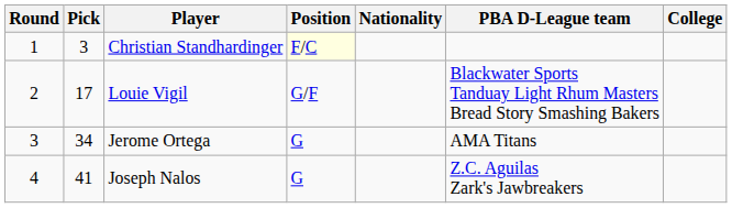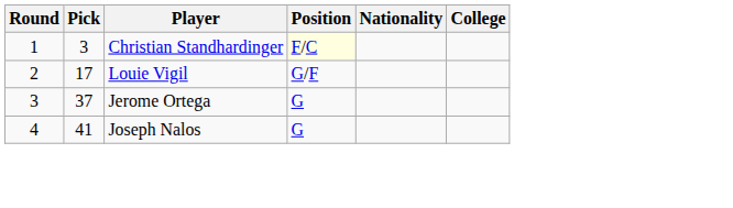 <table class="wikitable sortable sortable">
 <tr>
 <th>Round</th>
 <th>Pick</th>
 <th>Player</th>
 <th>Position</th>
 <th>Nationality</th>
-<th>PBA D-League team</th>
 <th>College</th>
 </tr>
 <tr>
 <td align=center>1</td>
 <td align=center>3</td>
 <td><a href='#'>Christian Standhardinger</a></td>
 <td style="background: lightyellow;"><a href='#'>F</a>/<a href='#'>C</a></td>
 <td></td>
 <td></td>
-<td></td>
 </tr>
 <tr>
 <td align=center>2</td>
 <td align=center>17</td>
 <td><a href='#'>Louie Vigil</a></td>
 <td><a href='#'>G</a>/<a href='#'>F</a></td>
 <td></td>
-<td><a href='#'>Blackwater Sports</a><br><a href='#'>Tanduay Light Rhum Masters</a><br>Bread Story Smashing Bakers</td>
 <td></td>
 </tr>
 <tr>
 <td align=center>3</td>
-<td align=center>34</td>
+<td align=center>37</td>
 <td>Jerome Ortega</td>
 <td><a href='#'>G</a></td>
 <td></td>
-<td>AMA Titans</td>
 <td></td>
 </tr>
 <tr>
 <td align=center>4</td>
 <td align=center>41</td>
 <td>Joseph Nalos</td>
 <td><a href='#'>G</a></td>
 <td></td>
-<td><a href='#'>Z.C. Aguilas</a><br>Zark's Jawbreakers</td>
 <td></td>
 </tr>
 </table>
